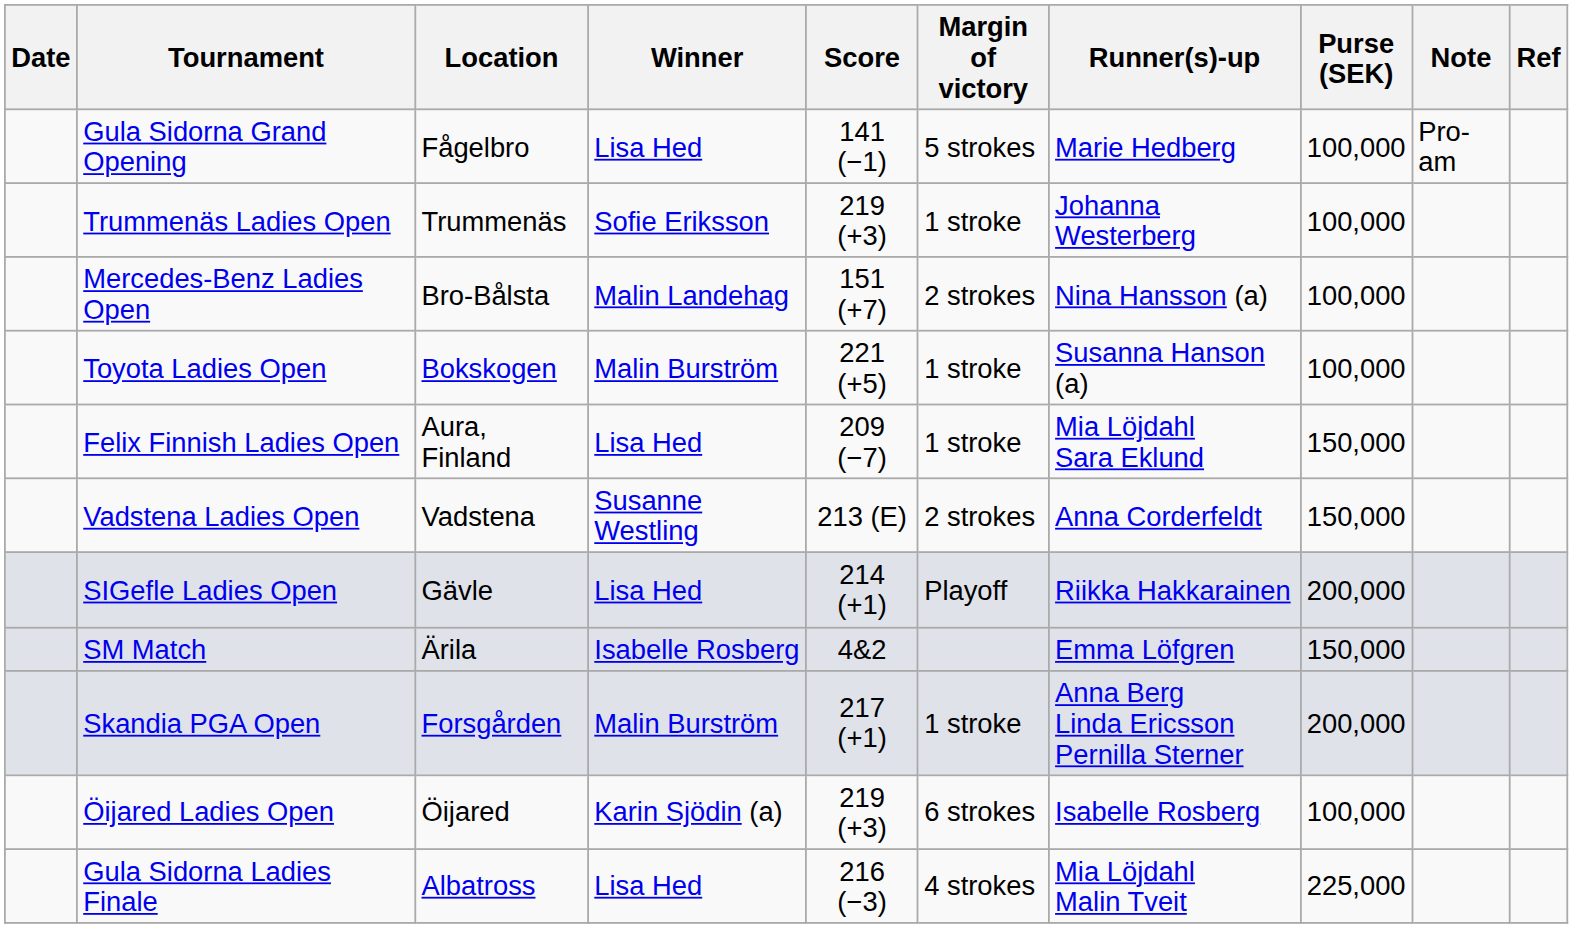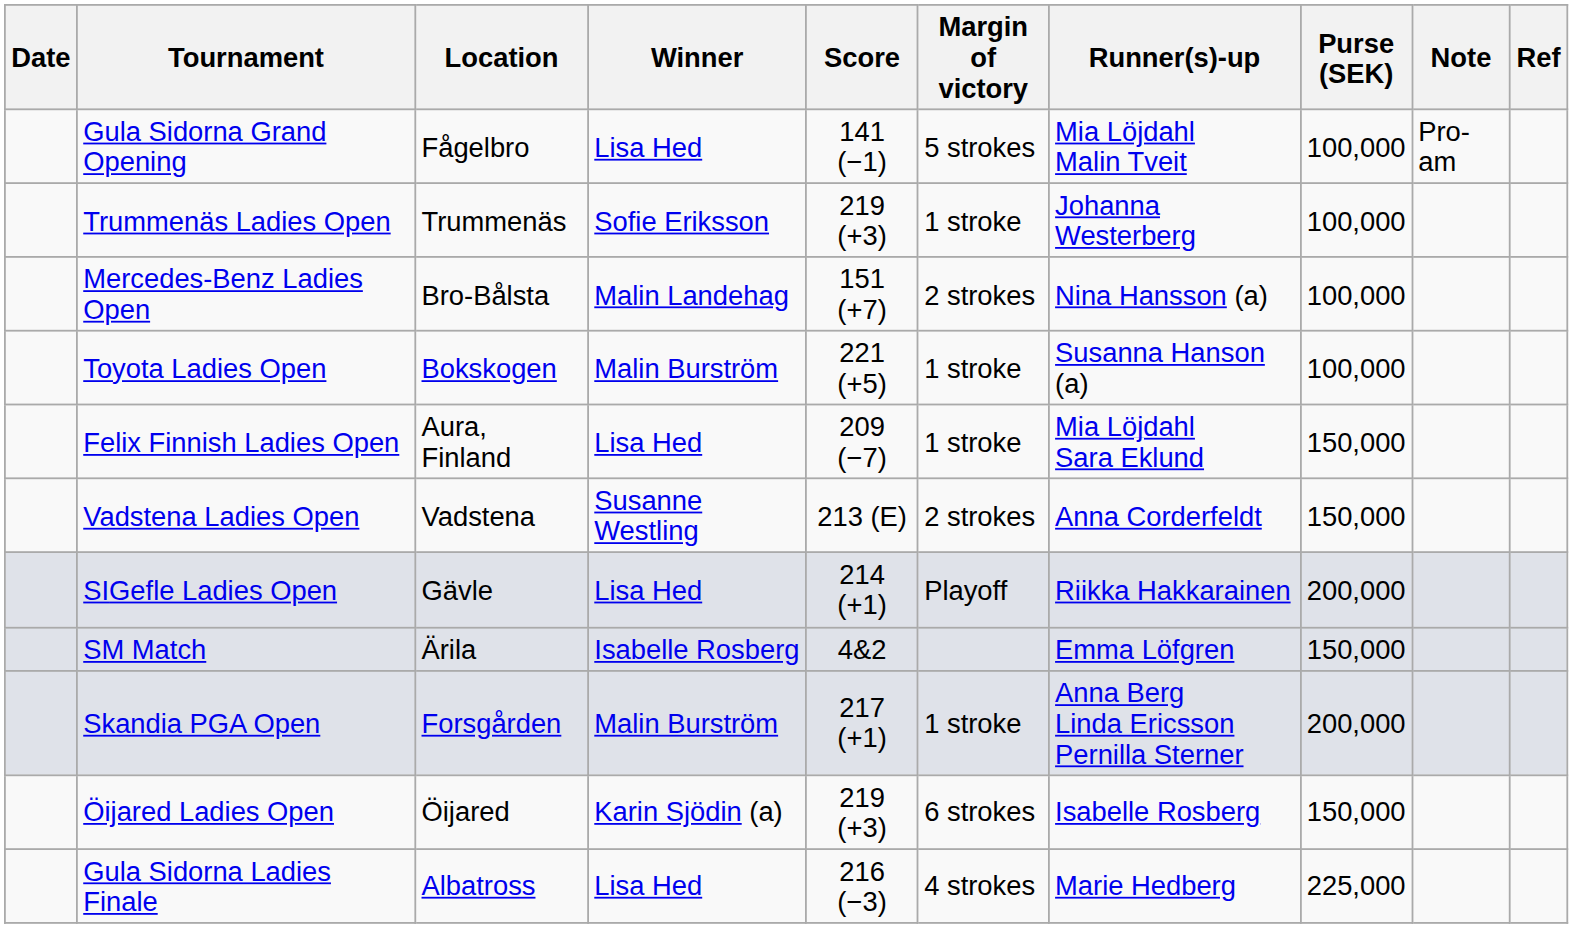 <table class="wikitable" style="font-size:95%;">
 <tr>
 <th>Date</th>
 <th>Tournament</th>
 <th>Location</th>
 <th>Winner</th>
 <th>Score</th>
 <th>Margin of<br>victory</th>
 <th>Runner(s)-up</th>
 <th>Purse<br>(SEK)</th>
 <th>Note</th>
 <th>Ref</th>
 </tr>
 <tr>
 <td></td>
 <td><a href='#'>Gula Sidorna Grand Opening</a></td>
 <td>Fågelbro</td>
 <td> <a href='#'>Lisa Hed</a></td>
 <td align=center>141 (−1)</td>
 <td>5 strokes</td>
-<td> <a href='#'>Marie Hedberg</a></td>
+<td> <a href='#'>Mia Löjdahl</a><br> <a href='#'>Malin Tveit</a></td>
 <td align=right>100,000</td>
 <td>Pro-am</td>
 <td></td>
 </tr>
 <tr>
 <td></td>
 <td><a href='#'>Trummenäs Ladies Open</a></td>
 <td>Trummenäs</td>
 <td> <a href='#'>Sofie Eriksson</a></td>
 <td align=center>219 (+3)</td>
 <td>1 stroke</td>
 <td> <a href='#'>Johanna Westerberg</a></td>
 <td align=right>100,000</td>
 <td></td>
 <td></td>
 </tr>
 <tr>
 <td></td>
 <td><a href='#'>Mercedes-Benz Ladies Open</a></td>
 <td>Bro-Bålsta</td>
 <td> <a href='#'>Malin Landehag</a></td>
 <td align=center>151 (+7)</td>
 <td>2 strokes</td>
 <td> <a href='#'>Nina Hansson</a> (a)</td>
 <td align=right>100,000</td>
 <td></td>
 <td></td>
 </tr>
 <tr>
 <td></td>
 <td><a href='#'>Toyota Ladies Open</a></td>
 <td><a href='#'>Bokskogen</a></td>
 <td> <a href='#'>Malin Burström</a></td>
 <td align=center>221 (+5)</td>
 <td>1 stroke</td>
 <td> <a href='#'>Susanna Hanson</a> (a)</td>
 <td align=right>100,000</td>
 <td></td>
 <td></td>
 </tr>
 <tr>
 <td></td>
 <td><a href='#'>Felix Finnish Ladies Open</a></td>
 <td>Aura, Finland</td>
 <td> <a href='#'>Lisa Hed</a></td>
 <td align=center>209 (−7)</td>
 <td>1 stroke</td>
 <td> <a href='#'>Mia Löjdahl</a><br> <a href='#'>Sara Eklund</a></td>
 <td align=right>150,000</td>
 <td></td>
 <td></td>
 </tr>
 <tr>
 <td></td>
 <td><a href='#'>Vadstena Ladies Open</a></td>
 <td>Vadstena</td>
 <td> <a href='#'>Susanne Westling</a></td>
 <td align=center>213 (E)</td>
 <td>2 strokes</td>
 <td> <a href='#'>Anna Corderfeldt</a></td>
 <td align=right>150,000</td>
 <td></td>
 <td></td>
 </tr>
 <tr style="background:#dfe2e9;">
 <td></td>
 <td><a href='#'>SI</a><a href='#'>Gefle Ladies Open</a></td>
 <td>Gävle</td>
 <td> <a href='#'>Lisa Hed</a></td>
 <td align=center>214 (+1)</td>
 <td>Playoff</td>
 <td> <a href='#'>Riikka Hakkarainen</a></td>
 <td align=right>200,000</td>
 <td></td>
 <td></td>
 </tr>
 <tr style="background:#dfe2e9;">
 <td></td>
 <td><a href='#'>SM Match</a></td>
 <td>Ärila</td>
 <td> <a href='#'>Isabelle Rosberg</a></td>
 <td align=center>4&2</td>
 <td></td>
 <td> <a href='#'>Emma Löfgren</a></td>
 <td align=right>150,000</td>
 <td></td>
 <td></td>
 </tr>
 <tr style="background:#dfe2e9;">
 <td></td>
 <td><a href='#'>Skandia PGA Open</a></td>
 <td><a href='#'>Forsgården</a></td>
 <td> <a href='#'>Malin Burström</a></td>
 <td align=center>217 (+1)</td>
 <td>1 stroke</td>
 <td> <a href='#'>Anna Berg</a><br> <a href='#'>Linda Ericsson</a><br> <a href='#'>Pernilla Sterner</a></td>
 <td align=right>200,000</td>
 <td></td>
 <td></td>
 </tr>
 <tr>
 <td></td>
 <td><a href='#'>Öijared Ladies Open</a></td>
 <td>Öijared</td>
 <td> <a href='#'>Karin Sjödin</a> (a)</td>
 <td align=center>219 (+3)</td>
 <td>6 strokes</td>
 <td> <a href='#'>Isabelle Rosberg</a></td>
-<td align=right>100,000</td>
+<td align=right>150,000</td>
 <td></td>
 <td></td>
 </tr>
 <tr>
 <td></td>
 <td><a href='#'>Gula Sidorna Ladies Finale</a></td>
 <td><a href='#'>Albatross</a></td>
 <td> <a href='#'>Lisa Hed</a></td>
 <td align=center>216 (−3)</td>
 <td>4 strokes</td>
-<td> <a href='#'>Mia Löjdahl</a><br> <a href='#'>Malin Tveit</a></td>
+<td> <a href='#'>Marie Hedberg</a></td>
 <td align=right>225,000</td>
 <td></td>
 <td></td>
 </tr>
 </table>
